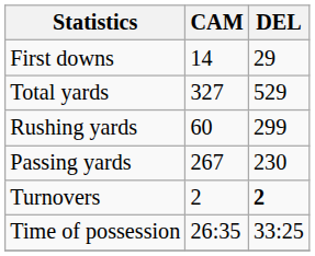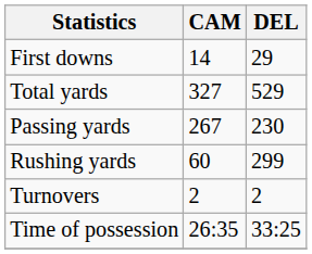 <table class="wikitable" style="float: left;">
 <tr>
 <th>Statistics</th>
 <th>CAM</th>
 <th>DEL</th>
 </tr>
 <tr>
 <td>First downs</td>
 <td>14</td>
 <td>29</td>
 </tr>
 <tr>
 <td>Total yards</td>
 <td>327</td>
 <td>529</td>
 </tr>
 <tr>
+<td>Passing yards</td>
+<td>267</td>
+<td>230</td>
+</tr>
+<tr>
 <td>Rushing yards</td>
 <td>60</td>
 <td>299</td>
 </tr>
 <tr>
-<td>Passing yards</td>
-<td>267</td>
-<td>230</td>
-</tr>
-<tr>
 <td>Turnovers</td>
 <td>2</td>
-<td><strong>2</strong></td>
+<td>2</td>
 </tr>
 <tr>
 <td>Time of possession</td>
 <td>26:35</td>
 <td>33:25</td>
 </tr>
 <tr>
 </tr>
 </table>
